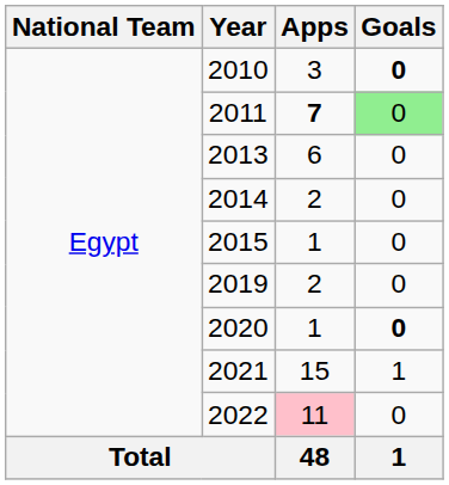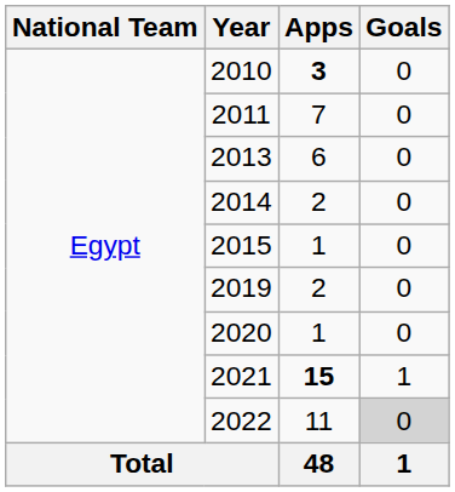 <table class = "wikitable" style = "text-align:center">
 <tr>
 <th>National Team</th>
 <th>Year</th>
 <th>Apps</th>
 <th>Goals</th>
 </tr>
 <tr>
 <td rowspan="9"><a href='#'>Egypt</a></td>
 <td>2010</td>
-<td>3</td>
-<td><strong>0</strong></td>
+<td><strong>3</strong></td>
+<td>0</td>
 </tr>
 <tr>
 <td>2011</td>
-<td><strong>7</strong></td>
-<td style="background: lightgreen;">0</td>
+<td>7</td>
+<td>0</td>
 </tr>
 <tr>
 <td>2013</td>
 <td>6</td>
 <td>0</td>
 </tr>
 <tr>
 <td>2014</td>
 <td>2</td>
 <td>0</td>
 </tr>
 <tr>
 <td>2015</td>
 <td>1</td>
 <td>0</td>
 </tr>
 <tr>
 <td>2019</td>
 <td>2</td>
 <td>0</td>
 </tr>
 <tr>
 <td>2020</td>
 <td>1</td>
-<td><strong>0</strong></td>
+<td>0</td>
 </tr>
 <tr>
 <td>2021</td>
-<td>15</td>
+<td><strong>15</strong></td>
 <td>1</td>
 </tr>
 <tr>
 <td>2022</td>
-<td style="background: pink;">11</td>
-<td>0</td>
+<td>11</td>
+<td style="background: lightgrey;">0</td>
 </tr>
 <tr>
 <th colspan="2">Total</th>
 <th>48</th>
 <th>1</th>
 </tr>
 </table>
